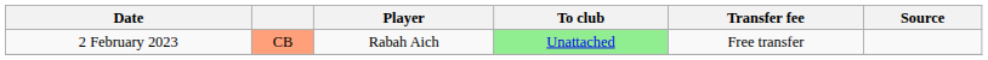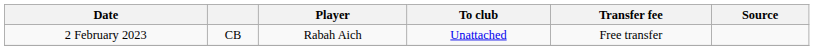 <table class="wikitable sortable" style="width:70%; text-align:center; font-size:85%; text-align:centre;">
 <tr>
 <th>Date</th>
 <th></th>
 <th>Player</th>
 <th>To club</th>
 <th>Transfer fee</th>
 <th>Source</th>
 </tr>
 <tr>
 <td>2 February 2023</td>
-<td style="background: lightsalmon;">CB</td>
+<td>CB</td>
 <td> Rabah Aich</td>
-<td style="background: lightgreen;"><a href='#'>Unattached</a></td>
+<td><a href='#'>Unattached</a></td>
 <td>Free transfer</td>
 <td></td>
 </tr>
 <tr>
 </tr>
 </table>
